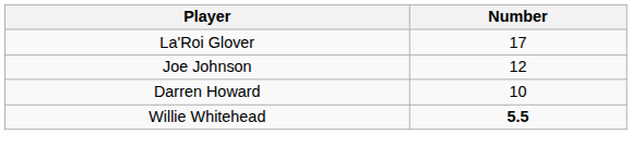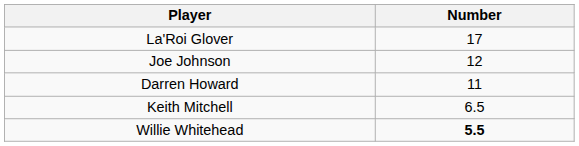 <table class="wikitable" width="40%">
 <tr align="center">
 <th>Player</th>
 <th>Number</th>
 </tr>
 <tr align="center" bgcolor="">
 <td>La'Roi Glover</td>
 <td>17</td>
 </tr>
 <tr align="center" bgcolor="">
 <td>Joe Johnson</td>
 <td>12</td>
 </tr>
 <tr align="center" bgcolor="">
 <td>Darren Howard</td>
-<td>10</td>
+<td>11</td>
+</tr>
+<tr align="center" bgcolor="">
+<td>Keith Mitchell</td>
+<td>6.5</td>
 </tr>
 <tr align="center" bgcolor="">
 <td>Willie Whitehead</td>
 <td><strong>5.5</strong></td>
 </tr>
 </table>
